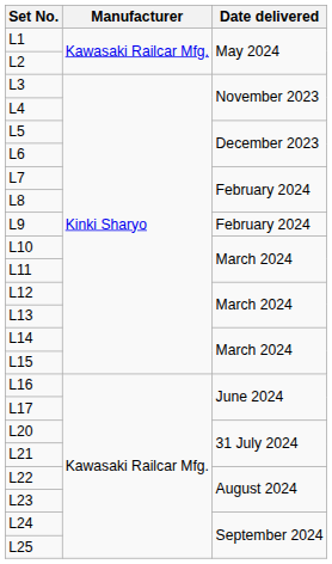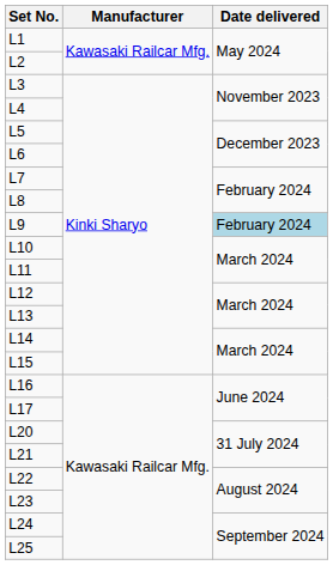 <table class="wikitable">
 <tr>
 <th>Set No.</th>
 <th>Manufacturer</th>
 <th>Date delivered</th>
 </tr>
 <tr>
 <td>L1</td>
 <td rowspan="2"><a href='#'>Kawasaki Railcar Mfg.</a></td>
 <td rowspan="2">May 2024</td>
 </tr>
 <tr>
 <td>L2</td>
 </tr>
 <tr>
 <td>L3</td>
 <td rowspan="13"><a href='#'>Kinki Sharyo</a></td>
 <td rowspan="2">November 2023</td>
 </tr>
 <tr>
 <td>L4</td>
 </tr>
 <tr>
 <td>L5</td>
 <td rowspan="2">December 2023</td>
 </tr>
 <tr>
 <td>L6</td>
 </tr>
 <tr>
 <td>L7</td>
 <td rowspan="2">February 2024</td>
 </tr>
 <tr>
 <td>L8</td>
 </tr>
 <tr>
 <td>L9</td>
-<td>February 2024</td>
+<td style="background: lightblue;">February 2024</td>
 </tr>
 <tr>
 <td>L10</td>
 <td rowspan="2">March 2024</td>
 </tr>
 <tr>
 <td>L11</td>
 </tr>
 <tr>
 <td>L12</td>
 <td rowspan="2">March 2024</td>
 </tr>
 <tr>
 <td>L13</td>
 </tr>
 <tr>
 <td>L14</td>
 <td rowspan="2">March 2024</td>
 </tr>
 <tr>
 <td>L15</td>
 </tr>
 <tr>
 <td>L16</td>
 <td rowspan="8">Kawasaki Railcar Mfg.</td>
 <td rowspan="2">June 2024</td>
 </tr>
 <tr>
 <td>L17<br></td>
 </tr>
 <tr>
 <td>L20</td>
 <td rowspan="2">31 July 2024</td>
 </tr>
 <tr>
 <td>L21</td>
 </tr>
 <tr>
 <td>L22</td>
 <td rowspan="2">August 2024</td>
 </tr>
 <tr>
 <td>L23</td>
 </tr>
 <tr>
 <td>L24</td>
 <td rowspan="2">September 2024</td>
 </tr>
 <tr>
 <td>L25</td>
 </tr>
 </table>
